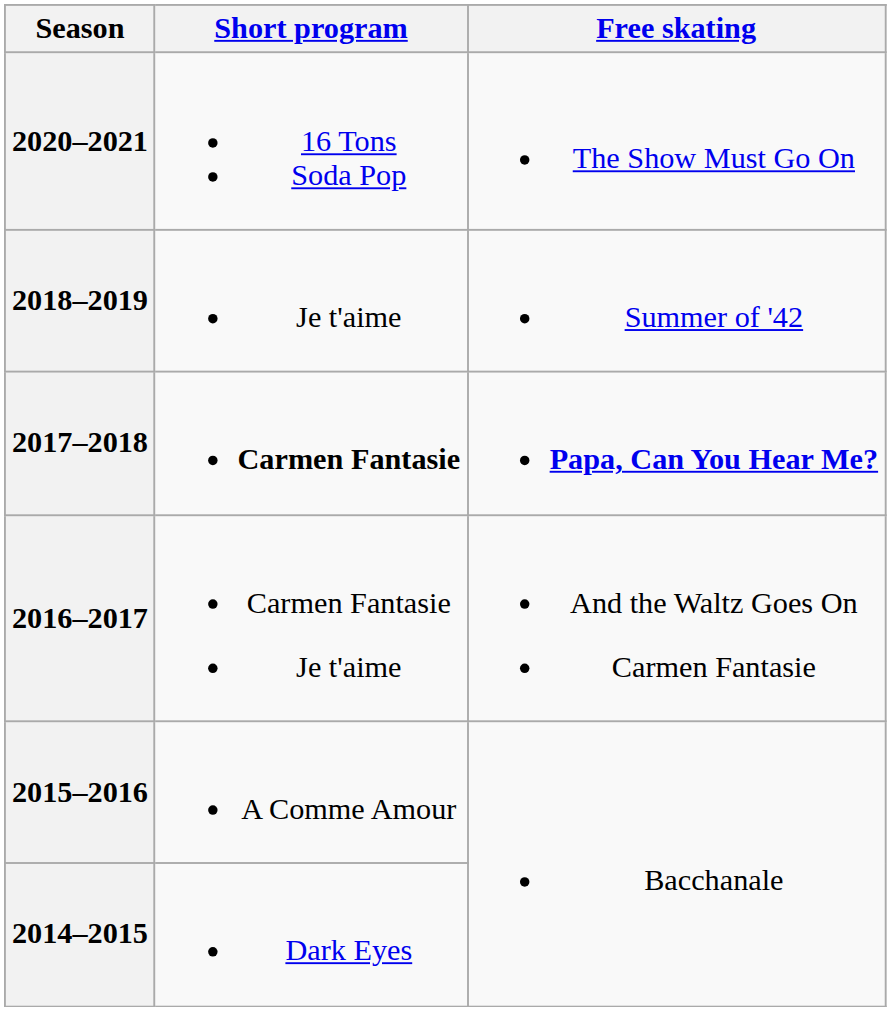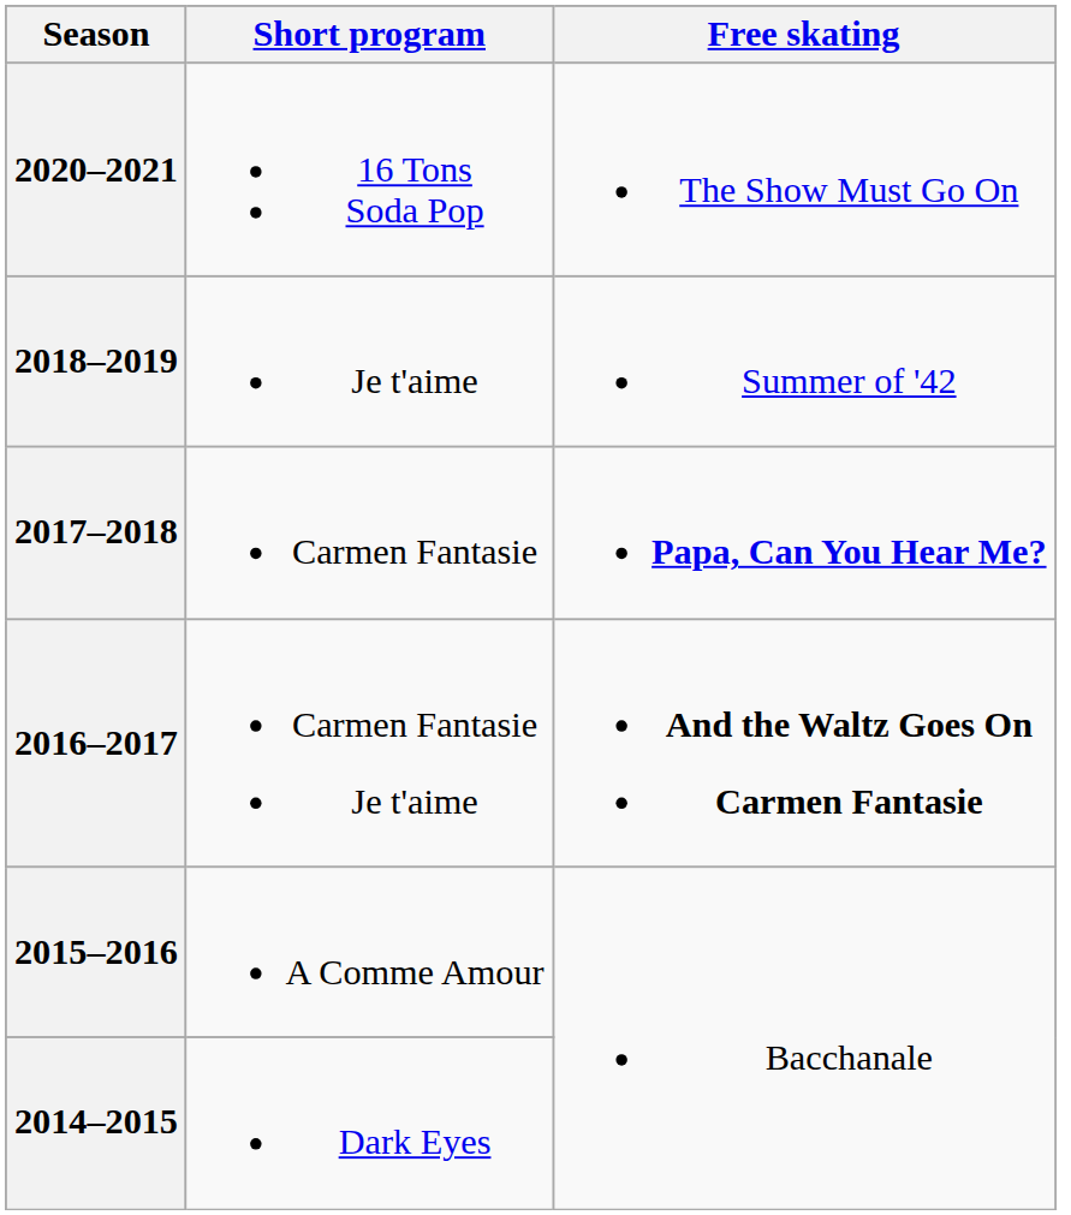 <table class=wikitable style=text-align:center>
 <tr>
 <th>Season</th>
 <th><a href='#'>Short program</a></th>
 <th><a href='#'>Free skating</a></th>
 </tr>
 <tr>
 <th>2020–2021 <br> </th>
 <td><br><ul><li><a href='#'>16 Tons</a> <br></li><li><a href='#'>Soda Pop</a> <br></li></ul></td>
 <td><br><ul><li><a href='#'>The Show Must Go On</a> <br> </li></ul></td>
 </tr>
 <tr>
 <th>2018–2019 <br></th>
 <td><br><ul><li>Je t'aime <br></li></ul></td>
 <td><br><ul><li><a href='#'>Summer of '42</a> <br></li></ul></td>
 </tr>
 <tr>
 <th>2017–2018 <br> </th>
-<td><strong><br><ul><li>Carmen Fantasie <br></li></ul></strong></td>
+<td><br><ul><li>Carmen Fantasie <br></li></ul></td>
 <td><strong><br><ul><li><a href='#'>Papa, Can You Hear Me?</a> <br> </li></ul></strong></td>
 </tr>
 <tr>
 <th>2016–2017 <br> </th>
 <td><br><ul><li>Carmen Fantasie <br></li></ul><ul><li>Je t'aime <br></li></ul></td>
-<td><br><ul><li>And the Waltz Goes On <br></li></ul><ul><li>Carmen Fantasie <br></li></ul></td>
+<td><strong><br><ul><li>And the Waltz Goes On <br></li></ul><ul><li>Carmen Fantasie <br></li></ul></strong></td>
 </tr>
 <tr>
 <th>2015–2016 <br> </th>
 <td><br><ul><li>A Comme Amour <br></li></ul></td>
 <td rowspan=2><br><ul><li>Bacchanale <br></li></ul></td>
 </tr>
 <tr>
 <th>2014–2015 <br> </th>
 <td><br><ul><li><a href='#'>Dark Eyes</a> <br></li></ul></td>
 </tr>
 </table>
